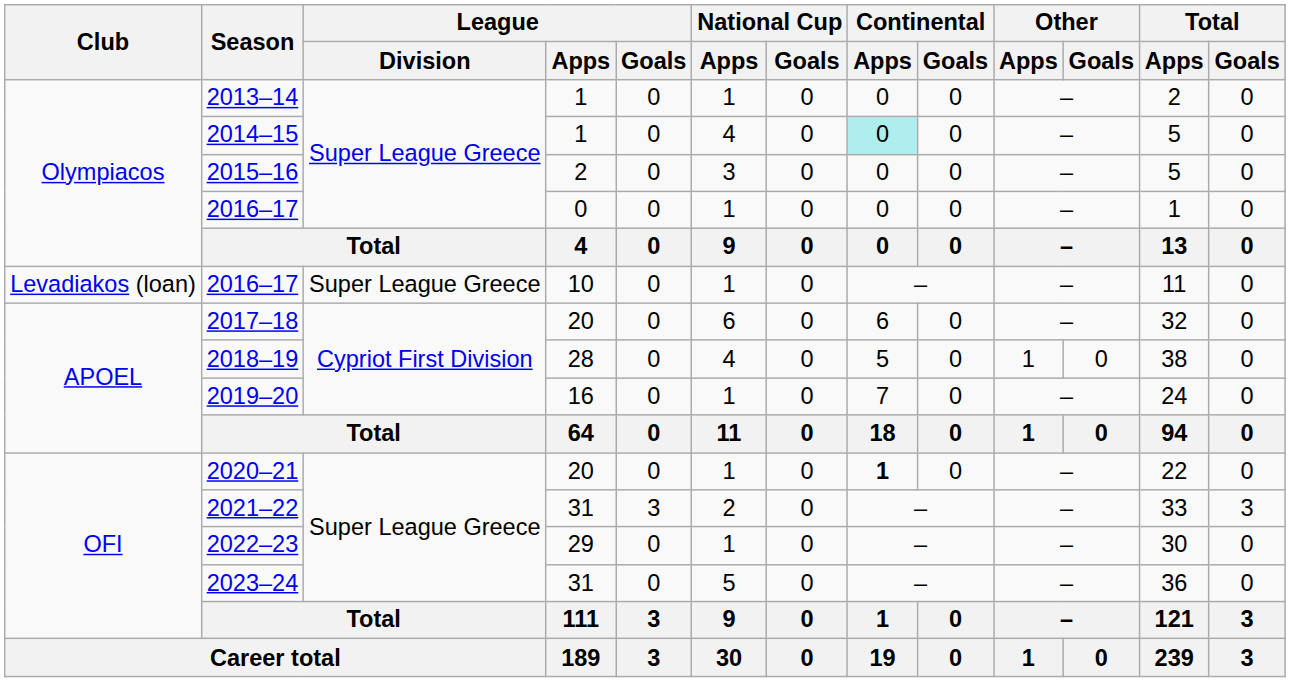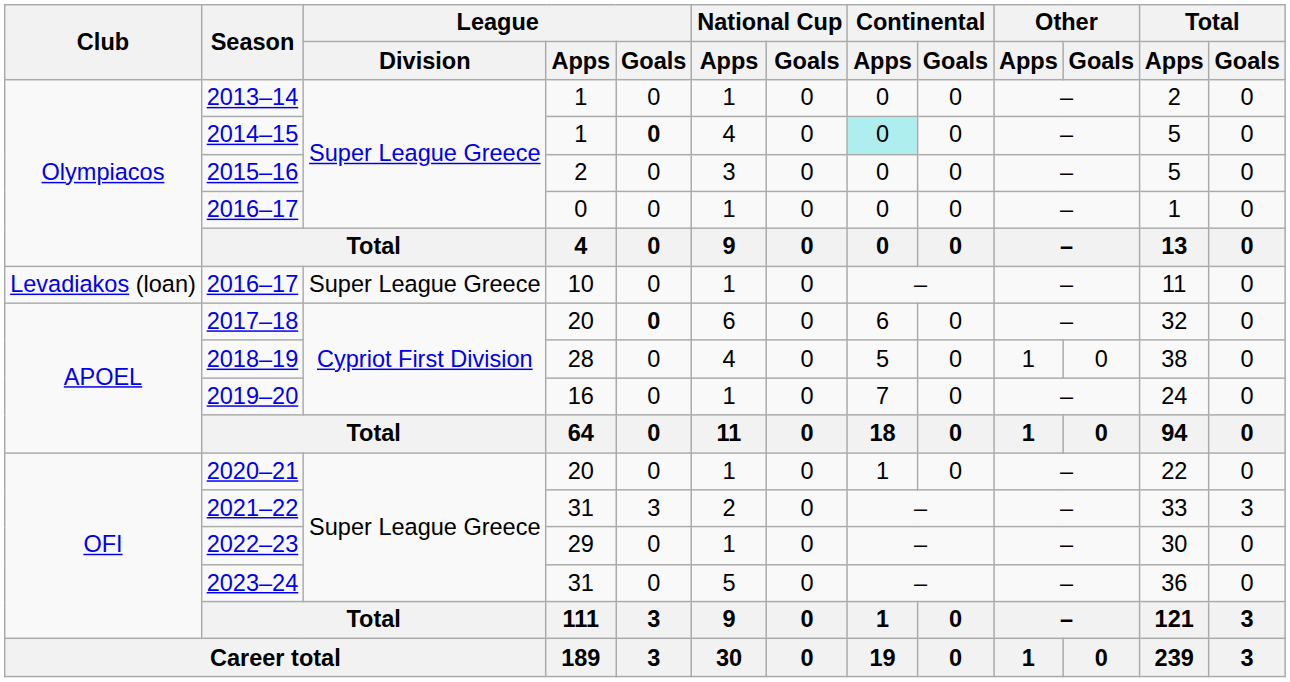 <table class="wikitable" style="text-align:center;" font-size:90%">
 <tr>
 <th rowspan=2>Club</th>
 <th rowspan=2>Season</th>
 <th colspan=3>League</th>
 <th colspan=2>National Cup</th>
 <th colspan=2>Continental</th>
 <th colspan=2>Other</th>
 <th colspan=2>Total</th>
 </tr>
 <tr>
 <th>Division</th>
 <th>Apps</th>
 <th>Goals</th>
 <th>Apps</th>
 <th>Goals</th>
 <th>Apps</th>
 <th>Goals</th>
 <th>Apps</th>
 <th>Goals</th>
 <th>Apps</th>
 <th>Goals</th>
 </tr>
 <tr>
 <td rowspan="5"><a href='#'>Olympiacos</a></td>
 <td><a href='#'>2013–14</a></td>
 <td rowspan="4"><a href='#'>Super League Greece</a></td>
 <td>1</td>
 <td>0</td>
 <td>1</td>
 <td>0</td>
 <td>0</td>
 <td>0</td>
 <td colspan="2">–</td>
 <td>2</td>
 <td>0</td>
 </tr>
 <tr>
 <td><a href='#'>2014–15</a></td>
 <td>1</td>
-<td>0</td>
+<td><strong>0</strong></td>
 <td>4</td>
 <td>0</td>
 <td style="background: paleturquoise;">0</td>
 <td>0</td>
 <td colspan="2">–</td>
 <td>5</td>
 <td>0</td>
 </tr>
 <tr>
 <td><a href='#'>2015–16</a></td>
 <td>2</td>
 <td>0</td>
 <td>3</td>
 <td>0</td>
 <td>0</td>
 <td>0</td>
 <td colspan="2">–</td>
 <td>5</td>
 <td>0</td>
 </tr>
 <tr>
 <td><a href='#'>2016–17</a></td>
 <td>0</td>
 <td>0</td>
 <td>1</td>
 <td>0</td>
 <td>0</td>
 <td>0</td>
 <td colspan="2">–</td>
 <td>1</td>
 <td>0</td>
 </tr>
 <tr>
 <th colspan="2">Total</th>
 <th>4</th>
 <th>0</th>
 <th>9</th>
 <th>0</th>
 <th>0</th>
 <th>0</th>
 <th colspan="2">–</th>
 <th>13</th>
 <th>0</th>
 </tr>
 <tr>
 <td><a href='#'>Levadiakos</a> (loan)</td>
 <td><a href='#'>2016–17</a></td>
 <td>Super League Greece</td>
 <td>10</td>
 <td>0</td>
 <td>1</td>
 <td>0</td>
 <td colspan="2">–</td>
 <td colspan="2">–</td>
 <td>11</td>
 <td>0</td>
 </tr>
 <tr>
 <td rowspan="4"><a href='#'>APOEL</a></td>
 <td><a href='#'>2017–18</a></td>
 <td rowspan="3"><a href='#'>Cypriot First Division</a></td>
 <td>20</td>
-<td>0</td>
+<td><strong>0</strong></td>
 <td>6</td>
 <td>0</td>
 <td>6</td>
 <td>0</td>
 <td colspan="2">–</td>
 <td>32</td>
 <td>0</td>
 </tr>
 <tr>
 <td><a href='#'>2018–19</a></td>
 <td>28</td>
 <td>0</td>
 <td>4</td>
 <td>0</td>
 <td>5</td>
 <td>0</td>
 <td>1</td>
 <td>0</td>
 <td>38</td>
 <td>0</td>
 </tr>
 <tr>
 <td><a href='#'>2019–20</a></td>
 <td>16</td>
 <td>0</td>
 <td>1</td>
 <td>0</td>
 <td>7</td>
 <td>0</td>
 <td colspan="2">–</td>
 <td>24</td>
 <td>0</td>
 </tr>
 <tr>
 <th colspan="2">Total</th>
 <th>64</th>
 <th>0</th>
 <th>11</th>
 <th>0</th>
 <th>18</th>
 <th>0</th>
 <th>1</th>
 <th>0</th>
 <th>94</th>
 <th>0</th>
 </tr>
 <tr>
 <td rowspan="5"><a href='#'>OFI</a></td>
 <td><a href='#'>2020–21</a></td>
 <td rowspan="4">Super League Greece</td>
 <td>20</td>
 <td>0</td>
 <td>1</td>
 <td>0</td>
-<td><strong>1</strong></td>
+<td>1</td>
 <td>0</td>
 <td colspan="2">–</td>
 <td>22</td>
 <td>0</td>
 </tr>
 <tr>
 <td><a href='#'>2021–22</a></td>
 <td>31</td>
 <td>3</td>
 <td>2</td>
 <td>0</td>
 <td colspan="2">–</td>
 <td colspan="2">–</td>
 <td>33</td>
 <td>3</td>
 </tr>
 <tr>
 <td><a href='#'>2022–23</a></td>
 <td>29</td>
 <td>0</td>
 <td>1</td>
 <td>0</td>
 <td colspan="2">–</td>
 <td colspan="2">–</td>
 <td>30</td>
 <td>0</td>
 </tr>
 <tr>
 <td><a href='#'>2023–24</a></td>
 <td>31</td>
 <td>0</td>
 <td>5</td>
 <td>0</td>
 <td colspan="2">–</td>
 <td colspan="2">–</td>
 <td>36</td>
 <td>0</td>
 </tr>
 <tr>
 <th colspan="2">Total</th>
 <th>111</th>
 <th>3</th>
 <th>9</th>
 <th>0</th>
 <th>1</th>
 <th>0</th>
 <th colspan="2">–</th>
 <th>121</th>
 <th>3</th>
 </tr>
 <tr>
 <th colspan=3>Career total</th>
 <th>189</th>
 <th>3</th>
 <th>30</th>
 <th>0</th>
 <th>19</th>
 <th>0</th>
 <th>1</th>
 <th>0</th>
 <th>239</th>
 <th>3</th>
 </tr>
 </table>
